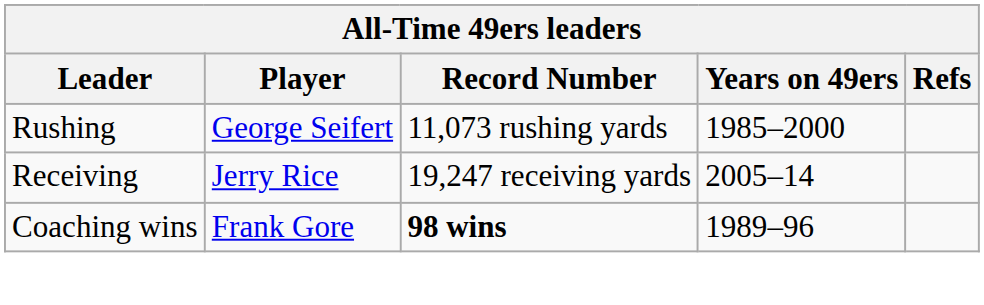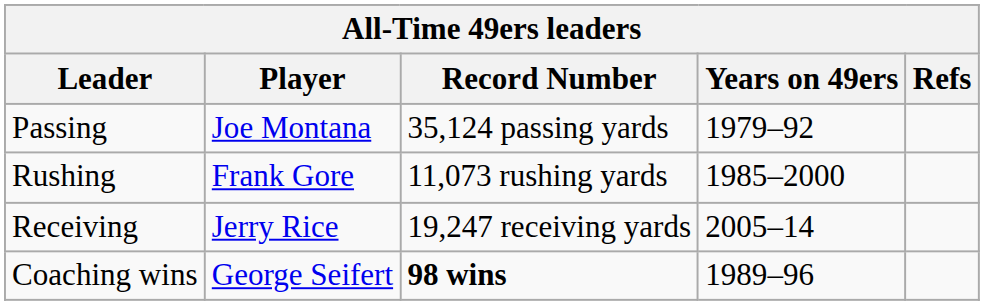 <table class="wikitable">
 <tr>
 <th colspan="5">All-Time 49ers leaders</th>
 </tr>
 <tr>
 <th>Leader</th>
 <th>Player</th>
 <th>Record Number</th>
 <th>Years on 49ers</th>
 <th>Refs</th>
 </tr>
 <tr>
+<td>Passing</td>
+<td><a href='#'>Joe Montana</a></td>
+<td>35,124 passing yards</td>
+<td>1979–92</td>
+<td></td>
+</tr>
+<tr>
 <td>Rushing</td>
-<td><a href='#'>George Seifert</a></td>
+<td><a href='#'>Frank Gore</a></td>
 <td>11,073 rushing yards</td>
 <td>1985–2000</td>
 <td></td>
 </tr>
 <tr>
 <td>Receiving</td>
 <td><a href='#'>Jerry Rice</a></td>
 <td>19,247 receiving yards</td>
 <td>2005–14</td>
 <td></td>
 </tr>
 <tr>
 <td>Coaching wins</td>
-<td><a href='#'>Frank Gore</a></td>
+<td><a href='#'>George Seifert</a></td>
 <td><strong>98 wins</strong></td>
 <td>1989–96</td>
 <td></td>
 </tr>
 </table>
